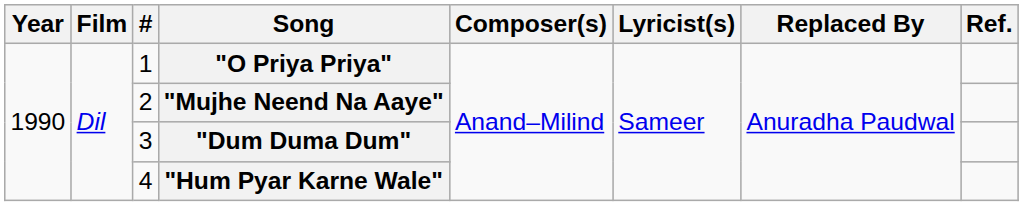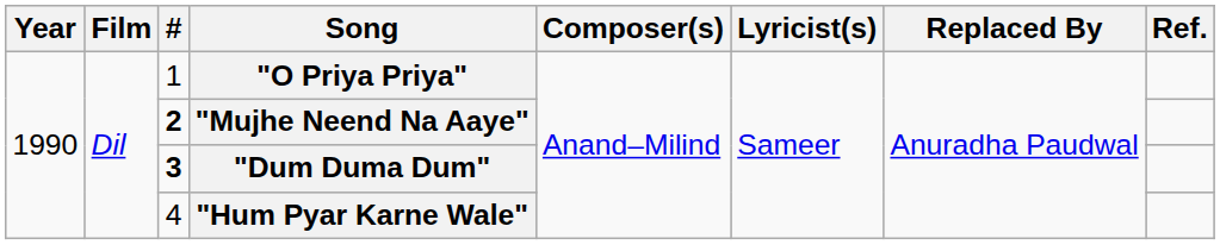 <table class="wikitable plainrowheaders">
 <tr>
 <th scope="col">Year</th>
 <th scope="col">Film</th>
 <th>#</th>
 <th scope="col">Song</th>
 <th scope="col">Composer(s)</th>
 <th scope="col">Lyricist(s)</th>
 <th scope="col">Replaced By</th>
 <th scope="col">Ref.</th>
 </tr>
 <tr>
 <td rowspan="4">1990</td>
 <td rowspan="4"><em><a href='#'>Dil</a></em></td>
 <td>1</td>
 <th scope="row">"O Priya Priya"</th>
 <td rowspan="4"><a href='#'>Anand–Milind</a></td>
 <td rowspan="4"><a href='#'>Sameer</a></td>
 <td rowspan="4"><a href='#'>Anuradha Paudwal</a></td>
 <td></td>
 </tr>
 <tr>
-<td>2</td>
+<td><strong>2</strong></td>
 <th scope="row">"Mujhe Neend Na Aaye"</th>
 <td></td>
 </tr>
 <tr>
-<td>3</td>
+<td><strong>3</strong></td>
 <th scope="row">"Dum Duma Dum"</th>
 <td></td>
 </tr>
 <tr>
 <td>4</td>
 <th scope="row">"Hum Pyar Karne Wale"</th>
 <td></td>
 </tr>
 </table>
